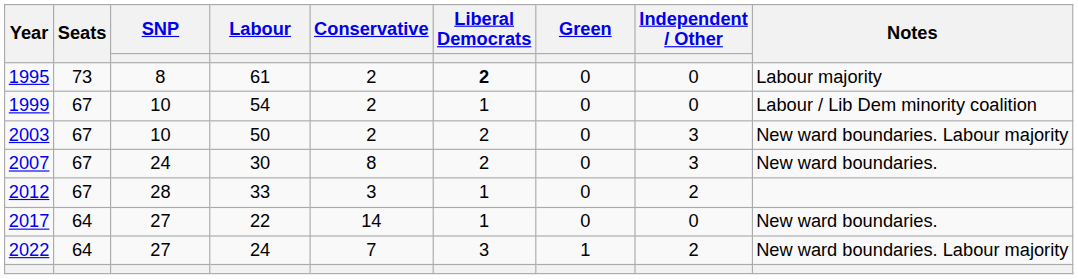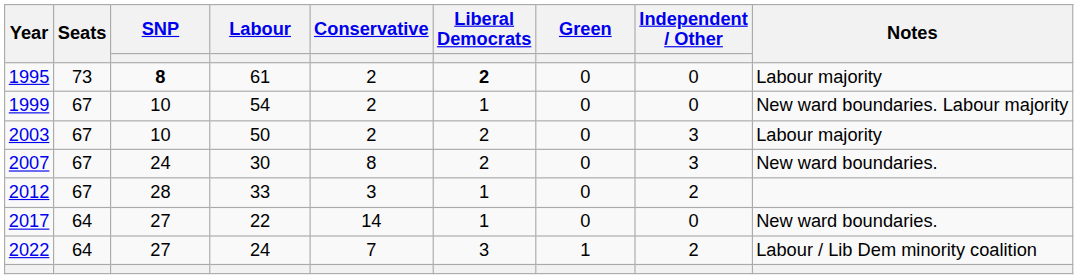 <table class="wikitable" style=text-align:center>
 <tr>
 <th rowspan=2>Year</th>
 <th rowspan=2>Seats</th>
 <th width="80"><a href='#'>SNP</a></th>
 <th width="80"><a href='#'>Labour</a></th>
 <th width="80"><a href='#'>Conservative</a></th>
 <th width="80"><a href='#'>Liberal Democrats</a></th>
 <th width="80"><a href='#'>Green</a></th>
 <th width="80"><a href='#'>Independent / Other</a></th>
 <th rowspan=2>Notes</th>
 </tr>
 <tr>
 <th style="background-color: "></th>
 <th style="background-color: "></th>
 <th style="background-color: "></th>
 <th style="background-color: "></th>
 <th style="background-color: "></th>
 <th style="background-color: "></th>
 </tr>
 <tr>
 <td><a href='#'>1995</a></td>
 <td>73</td>
-<td>8</td>
+<td><strong>8</strong></td>
 <td>61</td>
 <td>2</td>
 <td><strong>2</strong></td>
 <td>0</td>
 <td>0</td>
 <td align=left>Labour majority</td>
 </tr>
 <tr>
 <td><a href='#'>1999</a></td>
 <td>67</td>
 <td>10</td>
 <td>54</td>
 <td>2</td>
 <td>1</td>
 <td>0</td>
 <td>0</td>
-<td align=left>Labour / Lib Dem minority coalition</td>
+<td align=left>New ward boundaries. Labour majority</td>
 </tr>
 <tr>
 <td><a href='#'>2003</a></td>
 <td>67</td>
 <td>10</td>
 <td>50</td>
 <td>2</td>
 <td>2</td>
 <td>0</td>
 <td>3</td>
-<td align=left>New ward boundaries. Labour majority</td>
+<td align=left>Labour majority</td>
 </tr>
 <tr>
 <td><a href='#'>2007</a></td>
 <td>67</td>
 <td>24</td>
 <td>30</td>
 <td>8</td>
 <td>2</td>
 <td>0</td>
 <td>3</td>
 <td align=left>New ward boundaries.</td>
 </tr>
 <tr>
 <td><a href='#'>2012</a></td>
 <td>67</td>
 <td>28</td>
 <td>33</td>
 <td>3</td>
 <td>1</td>
 <td>0</td>
 <td>2</td>
 <td align=left></td>
 </tr>
 <tr>
 <td><a href='#'>2017</a></td>
 <td>64</td>
 <td>27</td>
 <td>22</td>
 <td>14</td>
 <td>1</td>
 <td>0</td>
 <td>0</td>
 <td align=left>New ward boundaries.</td>
 </tr>
 <tr>
 <td><a href='#'>2022</a></td>
 <td>64</td>
 <td>27</td>
 <td>24</td>
 <td>7</td>
 <td>3</td>
 <td>1</td>
 <td>2</td>
-<td align=left>New ward boundaries. Labour majority</td>
+<td align=left>Labour / Lib Dem minority coalition</td>
 </tr>
 <tr>
 <th></th>
 <th></th>
 <th style="background-color: "></th>
 <th style="background-color: "></th>
 <th style="background-color: "></th>
 <th style="background-color: "></th>
 <th style="background-color: "></th>
 <th style="background-color: "></th>
 <th></th>
 </tr>
 </table>
